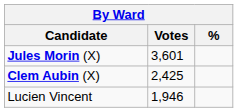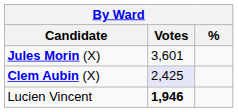 <table class="wikitable">
 <tr>
 <th colspan="3"><a href='#'>By Ward</a></th>
 </tr>
 <tr>
 <th style="width: 170px">Candidate</th>
 <th style="width: 50px">Votes</th>
 <th style="width: 40px">%</th>
 </tr>
 <tr>
 <td><strong><a href='#'>Jules Morin</a></strong>  (X)</td>
 <td>3,601</td>
 <td></td>
 </tr>
 <tr>
 <td><strong><a href='#'>Clem Aubin</a></strong> (X)</td>
-<td>2,425</td>
+<td style="background: lavender;">2,425</td>
 <td></td>
 </tr>
 <tr>
 <td>Lucien Vincent</td>
-<td>1,946</td>
+<td><strong>1,946</strong></td>
 <td></td>
 </tr>
 </table>
